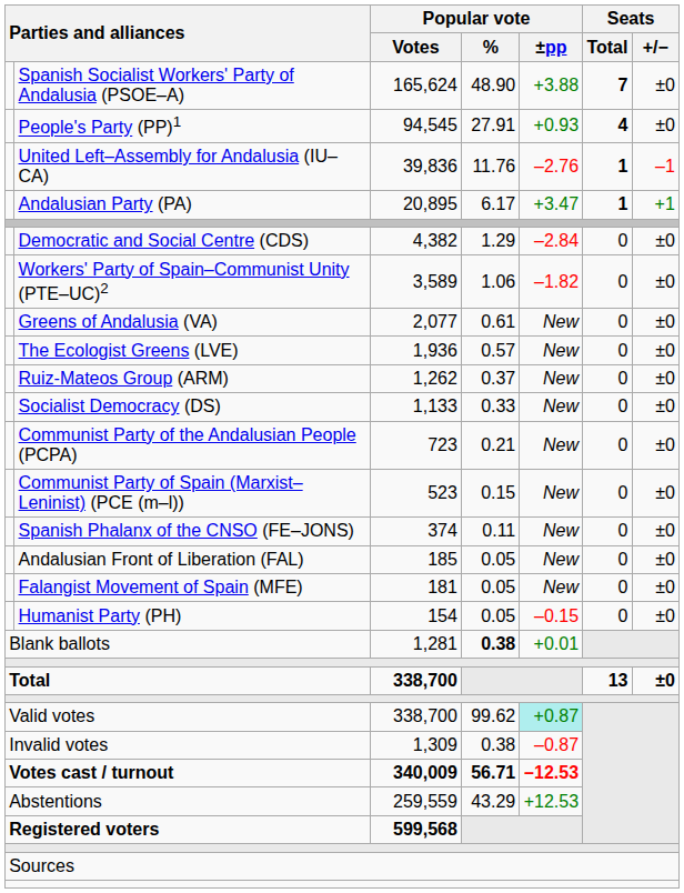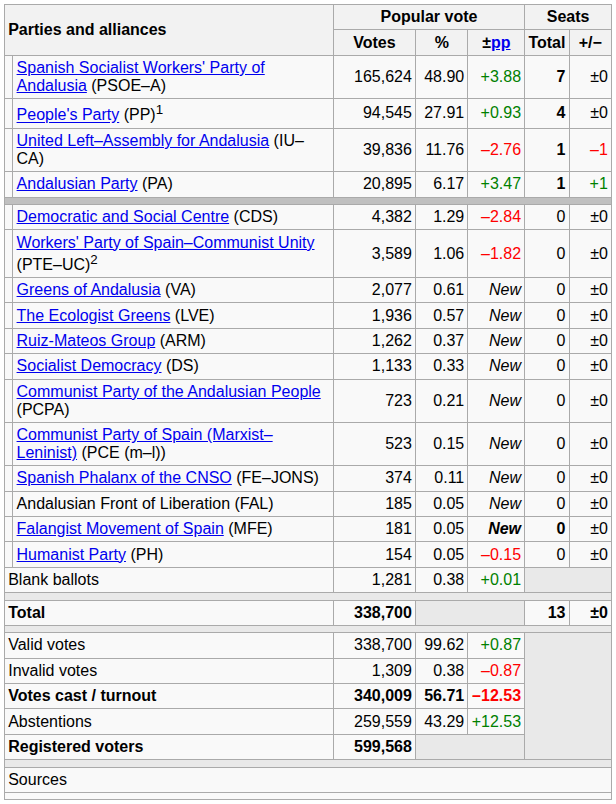 <table class="wikitable" style="text-align:right;">
 <tr>
 <th style="text-align:left;" rowspan="2" colspan="2" width="525">Parties and alliances</th>
 <th colspan="3">Popular vote</th>
 <th colspan="2">Seats</th>
 </tr>
 <tr>
 <th width="75">Votes</th>
 <th width="45">%</th>
 <th width="45">±<a href='#'>pp</a></th>
 <th width="35">Total</th>
 <th width="35">+/−</th>
 </tr>
 <tr>
 <td width="1" style="color:inherit;background:"></td>
 <td align="left"><a href='#'>Spanish Socialist Workers' Party of Andalusia</a> (PSOE–A)</td>
 <td>165,624</td>
 <td>48.90</td>
 <td style="color:green;">+3.88</td>
 <td><strong>7</strong></td>
 <td>±0</td>
 </tr>
 <tr>
 <td style="color:inherit;background:"></td>
 <td align="left"><a href='#'>People's Party</a> (PP)<sup>1</sup></td>
 <td>94,545</td>
 <td>27.91</td>
 <td style="color:green;">+0.93</td>
 <td><strong>4</strong></td>
 <td>±0</td>
 </tr>
 <tr>
 <td style="color:inherit;background:"></td>
 <td align="left"><a href='#'>United Left–Assembly for Andalusia</a> (IU–CA)</td>
 <td>39,836</td>
 <td>11.76</td>
 <td style="color:red;">–2.76</td>
 <td><strong>1</strong></td>
 <td style="color:red;">–1</td>
 </tr>
 <tr>
 <td style="color:inherit;background:"></td>
 <td align="left"><a href='#'>Andalusian Party</a> (PA)</td>
 <td>20,895</td>
 <td>6.17</td>
 <td style="color:green;">+3.47</td>
 <td><strong>1</strong></td>
 <td style="color:green;">+1</td>
 </tr>
 <tr>
 <td colspan="7" bgcolor="#C0C0C0"></td>
 </tr>
 <tr>
 <td style="color:inherit;background:"></td>
 <td align="left"><a href='#'>Democratic and Social Centre</a> (CDS)</td>
 <td>4,382</td>
 <td>1.29</td>
 <td style="color:red;">–2.84</td>
 <td>0</td>
 <td>±0</td>
 </tr>
 <tr>
 <td style="color:inherit;background:"></td>
 <td align="left"><a href='#'>Workers' Party of Spain–Communist Unity</a> (PTE–UC)<sup>2</sup></td>
 <td>3,589</td>
 <td>1.06</td>
 <td style="color:red;">–1.82</td>
 <td>0</td>
 <td>±0</td>
 </tr>
 <tr>
 <td style="color:inherit;background:"></td>
 <td align="left"><a href='#'>Greens of Andalusia</a> (VA)</td>
 <td>2,077</td>
 <td>0.61</td>
 <td><em>New</em></td>
 <td>0</td>
 <td>±0</td>
 </tr>
 <tr>
 <td style="color:inherit;background:"></td>
 <td align="left"><a href='#'>The Ecologist Greens</a> (LVE)</td>
 <td>1,936</td>
 <td>0.57</td>
 <td><em>New</em></td>
 <td>0</td>
 <td>±0</td>
 </tr>
 <tr>
 <td style="color:inherit;background:"></td>
 <td align="left"><a href='#'>Ruiz-Mateos Group</a> (ARM)</td>
 <td>1,262</td>
 <td>0.37</td>
 <td><em>New</em></td>
 <td>0</td>
 <td>±0</td>
 </tr>
 <tr>
 <td style="color:inherit;background:"></td>
 <td align="left"><a href='#'>Socialist Democracy</a> (DS)</td>
 <td>1,133</td>
 <td>0.33</td>
 <td><em>New</em></td>
 <td>0</td>
 <td>±0</td>
 </tr>
 <tr>
 <td style="color:inherit;background:"></td>
 <td align="left"><a href='#'>Communist Party of the Andalusian People</a> (PCPA)</td>
 <td>723</td>
 <td>0.21</td>
 <td><em>New</em></td>
 <td>0</td>
 <td>±0</td>
 </tr>
 <tr>
 <td style="color:inherit;background:"></td>
 <td align="left"><a href='#'>Communist Party of Spain (Marxist–Leninist)</a> (PCE (m–l))</td>
 <td>523</td>
 <td>0.15</td>
 <td><em>New</em></td>
 <td>0</td>
 <td>±0</td>
 </tr>
 <tr>
 <td style="color:inherit;background:"></td>
 <td align="left"><a href='#'>Spanish Phalanx of the CNSO</a> (FE–JONS)</td>
 <td>374</td>
 <td>0.11</td>
 <td><em>New</em></td>
 <td>0</td>
 <td>±0</td>
 </tr>
 <tr>
 <td style="color:inherit;background:"></td>
 <td align="left">Andalusian Front of Liberation (FAL)</td>
 <td>185</td>
 <td>0.05</td>
 <td><em>New</em></td>
 <td>0</td>
 <td>±0</td>
 </tr>
 <tr>
 <td style="color:inherit;background:"></td>
 <td align="left"><a href='#'>Falangist Movement of Spain</a> (MFE)</td>
 <td>181</td>
 <td>0.05</td>
-<td><em>New</em></td>
-<td>0</td>
+<td><strong><em>New</em></strong></td>
+<td><strong>0</strong></td>
 <td>±0</td>
 </tr>
 <tr>
 <td style="color:inherit;background:"></td>
 <td align="left"><a href='#'>Humanist Party</a> (PH)</td>
 <td>154</td>
 <td>0.05</td>
 <td style="color:red;">–0.15</td>
 <td>0</td>
 <td>±0</td>
 </tr>
 <tr>
 <td align="left" colspan="2">Blank ballots</td>
 <td>1,281</td>
-<td><strong>0.38</strong></td>
+<td>0.38</td>
 <td style="color:green;">+0.01</td>
 <td bgcolor="#E9E9E9" colspan="2"></td>
 </tr>
 <tr>
 <td colspan="7" bgcolor="#E9E9E9"></td>
 </tr>
 <tr style="font-weight:bold;">
 <td align="left" colspan="2">Total</td>
 <td>338,700</td>
 <td bgcolor="#E9E9E9" colspan="2"></td>
 <td>13</td>
 <td>±0</td>
 </tr>
 <tr>
 <td colspan="7" bgcolor="#E9E9E9"></td>
 </tr>
 <tr>
 <td align="left" colspan="2">Valid votes</td>
 <td>338,700</td>
 <td>99.62</td>
-<td style="background: paleturquoise; color:green;">+0.87</td>
+<td style="color:green;">+0.87</td>
 <td bgcolor="#E9E9E9" colspan="2" rowspan="5"></td>
 </tr>
 <tr>
 <td align="left" colspan="2">Invalid votes</td>
 <td>1,309</td>
 <td>0.38</td>
 <td style="color:red;">–0.87</td>
 </tr>
 <tr style="font-weight:bold;">
 <td align="left" colspan="2">Votes cast / turnout</td>
 <td>340,009</td>
 <td>56.71</td>
 <td style="color:red;">–12.53</td>
 </tr>
 <tr>
 <td align="left" colspan="2">Abstentions</td>
 <td>259,559</td>
 <td>43.29</td>
 <td style="color:green;">+12.53</td>
 </tr>
 <tr style="font-weight:bold;">
 <td align="left" colspan="2">Registered voters</td>
 <td>599,568</td>
 <td bgcolor="#E9E9E9" colspan="2"></td>
 </tr>
 <tr>
 <td colspan="7" bgcolor="#E9E9E9"></td>
 </tr>
 <tr>
 <td align="left" colspan="7">Sources</td>
 </tr>
 <tr>
 <td colspan="7" style="text-align:left; max-width:790px;"></td>
 </tr>
 </table>
